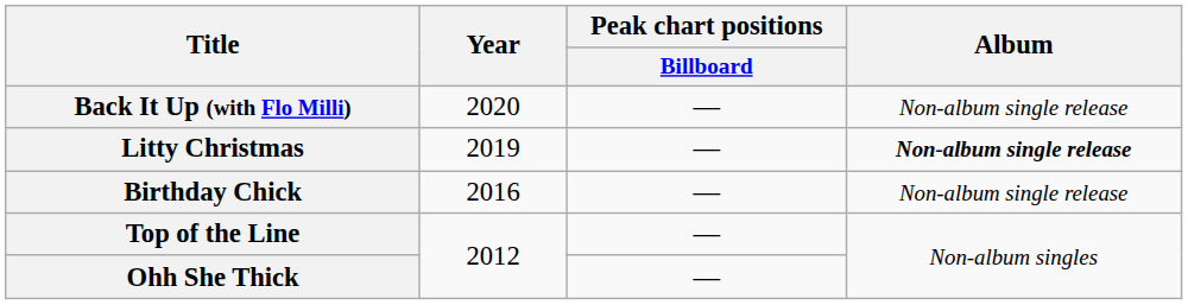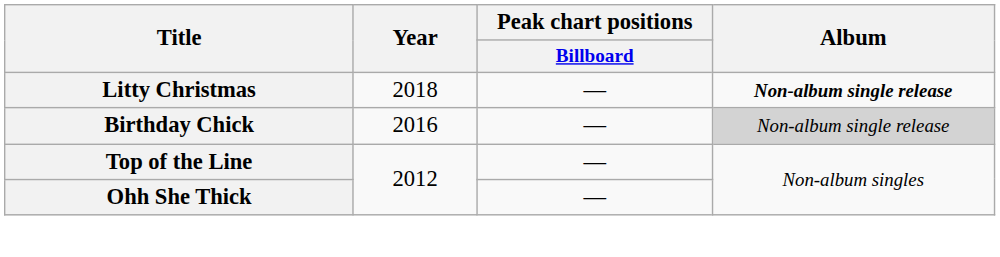 <table class="wikitable plainrowheaders" style="text-align:center;">
 <tr>
 <th scope="col" rowspan="2" style="width:15em;">Title</th>
 <th scope="col" rowspan="2" style="width:5em;">Year</th>
 <th scope="col" colspan="1" style="width:10em;">Peak chart positions</th>
 <th scope="col" rowspan="2" style="width:12em;">Album</th>
 </tr>
 <tr>
 <th scope="col" style="width:3em;font-size:85%;"><a href='#'>Billboard</a></th>
 </tr>
 <tr>
-<th scope="row">Back It Up <small>(with <a href='#'>Flo Milli</a>)</small></th>
-<td>2020</td>
-<td>—</td>
-<td><em><small>Non-album single release</small></em></td>
-</tr>
-<tr>
 <th scope="row">Litty Christmas</th>
-<td>2019</td>
+<td>2018</td>
 <td>—</td>
 <td><strong><em><small>Non-album single release</small></em></strong></td>
 </tr>
 <tr>
 <th scope="row">Birthday Chick</th>
 <td>2016</td>
 <td>—</td>
-<td><em><small>Non-album single release</small></em></td>
+<td style="background: lightgrey;"><em><small>Non-album single release</small></em></td>
 </tr>
 <tr>
 <th scope="row">Top of the Line</th>
 <td rowspan="2">2012</td>
 <td>—</td>
 <td rowspan="2"><em><small>Non-album singles</small></em></td>
 </tr>
 <tr>
 <th scope="row">Ohh She Thick</th>
 <td>—</td>
 </tr>
 </table>
